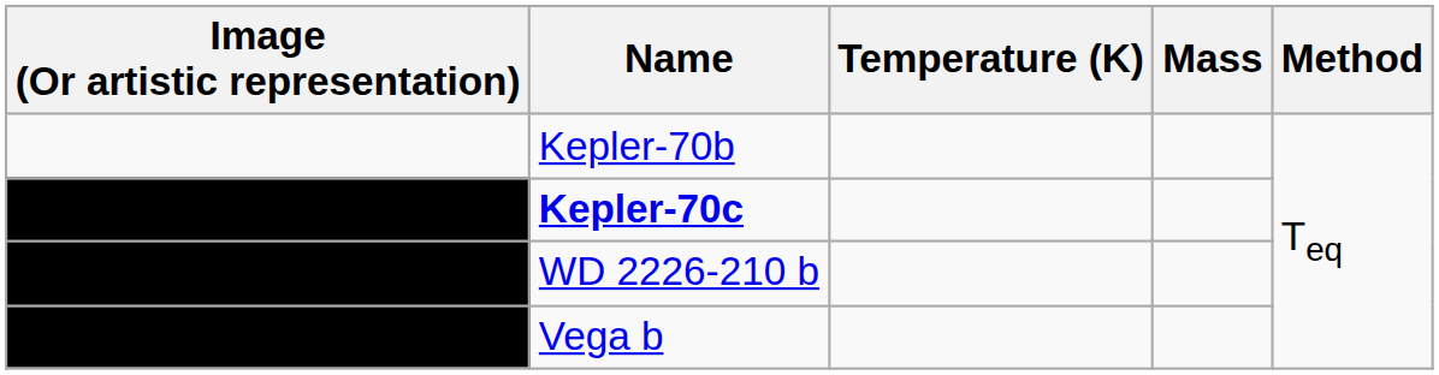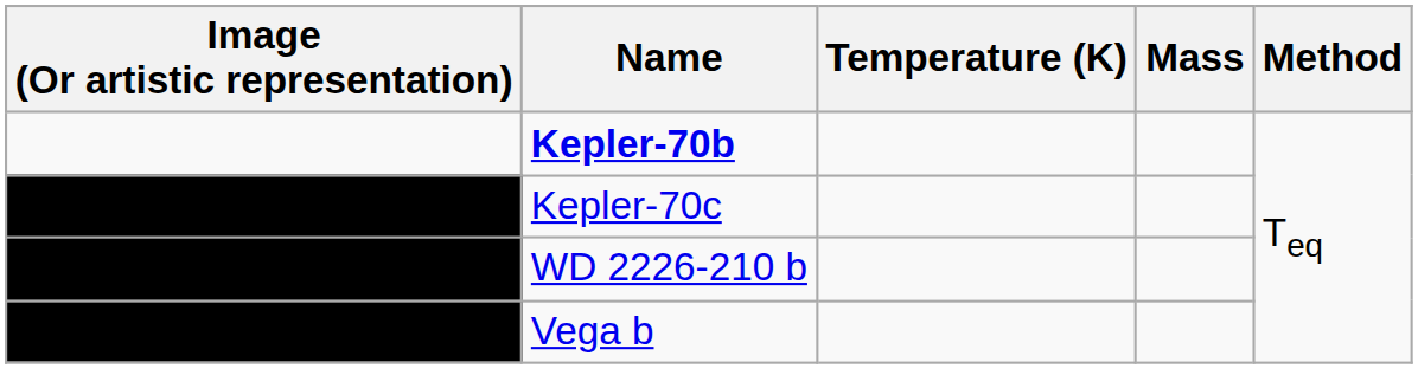 <table class="wikitable sortable article-table">
 <tr>
 <th>Image<br>(Or artistic representation)</th>
 <th>Name</th>
 <th>Temperature (K)</th>
 <th>Mass</th>
 <th>Method</th>
 </tr>
 <tr>
 <td></td>
-<td><a href='#'>Kepler-70b</a></td>
+<td><strong><a href='#'>Kepler-70b</a></strong></td>
 <td> </td>
 <td></td>
 <td rowspan="4">T<sub>eq</sub></td>
 </tr>
 <tr>
 <td style="background:#000000;"></td>
-<td><strong><a href='#'>Kepler-70c</a></strong></td>
+<td><a href='#'>Kepler-70c</a></td>
 <td> </td>
 <td></td>
 </tr>
 <tr>
 <td style="background:#000000;"></td>
 <td><a href='#'>WD 2226-210 b</a></td>
 <td></td>
 <td></td>
 </tr>
 <tr>
 <td style="background:#000000;"></td>
 <td><a href='#'>Vega b</a></td>
 <td> </td>
 <td></td>
 </tr>
 </table>
